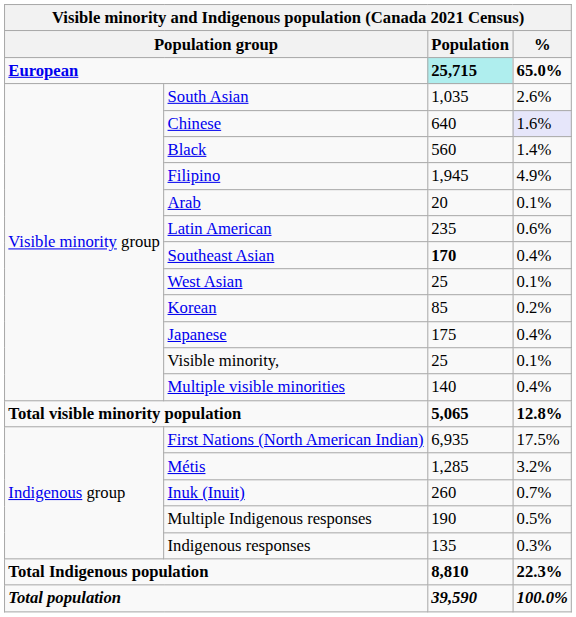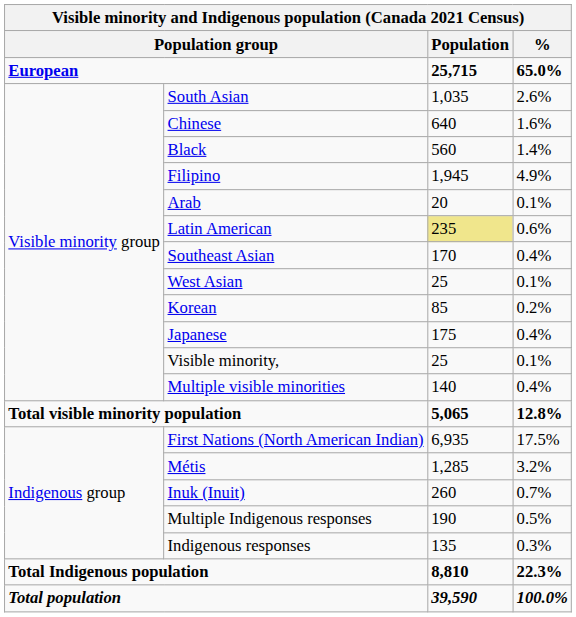 <table class="wikitable">
 <tr>
 <th colspan=4>Visible minority and Indigenous population (Canada 2021 Census)</th>
 </tr>
 <tr>
 <th colspan="2">Population group</th>
 <th>Population</th>
 <th>%</th>
 </tr>
 <tr>
 <td colspan="2"><strong><a href='#'>European</a></strong></td>
-<td style="background: paleturquoise;"><strong>25,715</strong></td>
+<td><strong>25,715</strong></td>
 <td><strong>65.0%</strong></td>
 </tr>
 <tr>
 <td rowspan="12"><a href='#'>Visible minority</a> group<br></td>
 <td><a href='#'>South Asian</a></td>
 <td>1,035</td>
 <td>2.6%</td>
 </tr>
 <tr>
 <td><a href='#'>Chinese</a></td>
 <td>640</td>
-<td style="background: lavender;">1.6%</td>
+<td>1.6%</td>
 </tr>
 <tr>
 <td><a href='#'>Black</a></td>
 <td>560</td>
 <td>1.4%</td>
 </tr>
 <tr>
 <td><a href='#'>Filipino</a></td>
 <td>1,945</td>
 <td>4.9%</td>
 </tr>
 <tr>
 <td><a href='#'>Arab</a></td>
 <td>20</td>
 <td>0.1%</td>
 </tr>
 <tr>
 <td><a href='#'>Latin American</a></td>
-<td>235</td>
+<td style="background: khaki;">235</td>
 <td>0.6%</td>
 </tr>
 <tr>
 <td><a href='#'>Southeast Asian</a></td>
-<td><strong>170</strong></td>
+<td>170</td>
 <td>0.4%</td>
 </tr>
 <tr>
 <td><a href='#'>West Asian</a></td>
 <td>25</td>
 <td>0.1%</td>
 </tr>
 <tr>
 <td><a href='#'>Korean</a></td>
 <td>85</td>
 <td>0.2%</td>
 </tr>
 <tr>
 <td><a href='#'>Japanese</a></td>
 <td>175</td>
 <td>0.4%</td>
 </tr>
 <tr>
 <td>Visible minority, </td>
 <td>25</td>
 <td>0.1%</td>
 </tr>
 <tr>
 <td><a href='#'>Multiple visible minorities</a></td>
 <td>140</td>
 <td>0.4%</td>
 </tr>
 <tr>
 <td colspan="2"><strong>Total visible minority population</strong></td>
 <td><strong>5,065</strong></td>
 <td><strong>12.8%</strong></td>
 </tr>
 <tr>
 <td rowspan="5"><a href='#'>Indigenous</a> group<br></td>
 <td><a href='#'>First Nations (North American Indian)</a></td>
 <td>6,935</td>
 <td>17.5%</td>
 </tr>
 <tr>
 <td><a href='#'>Métis</a></td>
 <td>1,285</td>
 <td>3.2%</td>
 </tr>
 <tr>
 <td><a href='#'>Inuk (Inuit)</a></td>
 <td>260</td>
 <td>0.7%</td>
 </tr>
 <tr>
 <td>Multiple Indigenous responses</td>
 <td>190</td>
 <td>0.5%</td>
 </tr>
 <tr>
 <td>Indigenous responses </td>
 <td>135</td>
 <td>0.3%</td>
 </tr>
 <tr>
 <td colspan="2"><strong>Total Indigenous population</strong></td>
 <td><strong>8,810</strong></td>
 <td><strong>22.3%</strong></td>
 </tr>
 <tr>
 <td colspan="2"><strong><em>Total population</em></strong></td>
 <td><strong><em>39,590</em></strong></td>
 <td><strong><em>100.0%</em></strong></td>
 </tr>
 </table>
